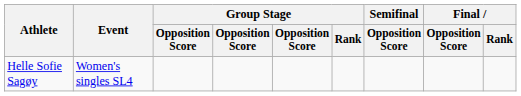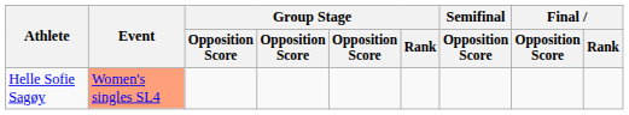 <table class="wikitable" style="font-size:90%; text-align:center">
 <tr>
 <th rowspan=2>Athlete</th>
 <th rowspan=2>Event</th>
 <th colspan=4>Group Stage</th>
 <th>Semifinal</th>
 <th colspan=2>Final / </th>
 </tr>
 <tr style="font-size:95%">
 <th>Opposition<br>Score</th>
 <th>Opposition<br>Score</th>
 <th>Opposition<br>Score</th>
 <th>Rank</th>
 <th>Opposition<br>Score</th>
 <th>Opposition<br>Score</th>
 <th>Rank</th>
 </tr>
 <tr>
 <td align=left><a href='#'>Helle Sofie Sagøy</a></td>
-<td align=left><a href='#'>Women's singles SL4</a></td>
+<td align=left style="background: lightsalmon;"><a href='#'>Women's singles SL4</a></td>
 <td></td>
 <td></td>
 <td></td>
 <td></td>
 <td></td>
 <td></td>
 <td></td>
 </tr>
 </table>
